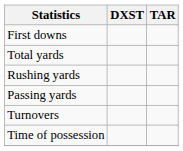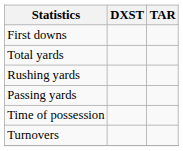 <table class="wikitable" style="float: left;">
 <tr>
 <th>Statistics</th>
 <th>DXST</th>
 <th>TAR</th>
 </tr>
 <tr>
 <td>First downs</td>
 <td></td>
 <td></td>
 </tr>
 <tr>
 <td>Total yards</td>
 <td></td>
 <td></td>
 </tr>
 <tr>
 <td>Rushing yards</td>
 <td></td>
 <td></td>
 </tr>
 <tr>
 <td>Passing yards</td>
 <td></td>
 <td></td>
 </tr>
 <tr>
-<td>Turnovers</td>
+<td>Time of possession</td>
 <td></td>
 <td></td>
 </tr>
 <tr>
-<td>Time of possession</td>
+<td>Turnovers</td>
 <td></td>
 <td></td>
 </tr>
 <tr>
 </tr>
 </table>
